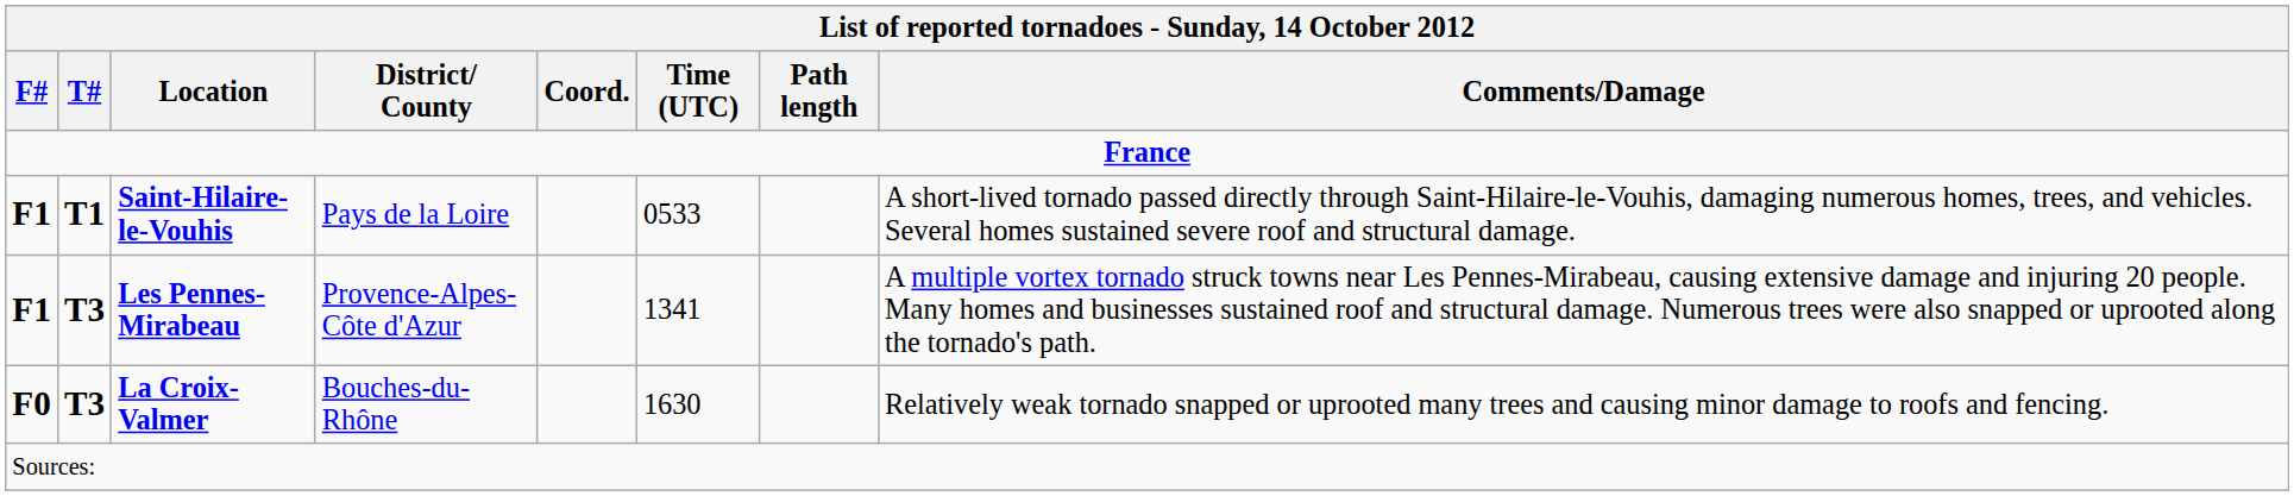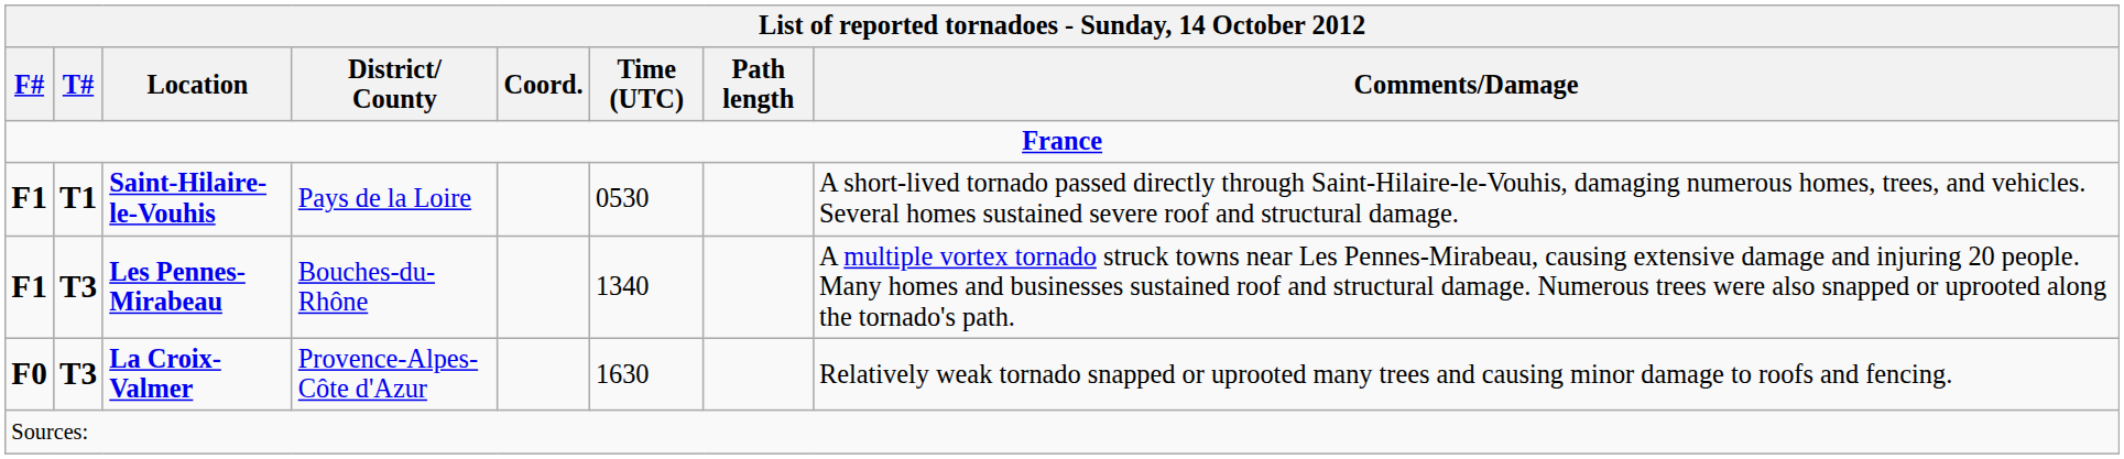 <table class="wikitable collapsible" width="100%">
 <tr>
 <th colspan="8">List of reported tornadoes - Sunday, 14 October 2012</th>
 </tr>
 <tr>
 <th><a href='#'>F#</a></th>
 <th><a href='#'>T#</a></th>
 <th>Location</th>
 <th>District/<br>County</th>
 <th>Coord.</th>
 <th>Time (UTC)</th>
 <th>Path length</th>
 <th>Comments/Damage</th>
 </tr>
 <tr>
 <td colspan="8" align=center><strong><a href='#'>France</a></strong></td>
 </tr>
 <tr>
 <td><big><strong>F1</strong></big></td>
 <td><big><strong>T1</strong></big></td>
 <td><strong><a href='#'>Saint-Hilaire-le-Vouhis</a></strong></td>
 <td><a href='#'>Pays de la Loire</a></td>
 <td></td>
-<td>0533</td>
+<td>0530</td>
 <td></td>
 <td>A short-lived tornado passed directly through Saint-Hilaire-le-Vouhis, damaging numerous homes, trees, and vehicles. Several homes sustained severe roof and structural damage.</td>
 </tr>
 <tr>
 <td><big><strong>F1</strong></big></td>
 <td><big><strong>T3</strong></big></td>
 <td><strong><a href='#'>Les Pennes-Mirabeau</a></strong></td>
-<td><a href='#'>Provence-Alpes-Côte d'Azur</a></td>
+<td><a href='#'>Bouches-du-Rhône</a></td>
 <td></td>
-<td>1341</td>
+<td>1340</td>
 <td></td>
 <td>A <a href='#'>multiple vortex tornado</a> struck towns near Les Pennes-Mirabeau, causing extensive damage and injuring 20 people. Many homes and businesses sustained roof and structural damage. Numerous trees were also snapped or uprooted along the tornado's path.</td>
 </tr>
 <tr>
 <td><big><strong>F0</strong></big></td>
 <td><big><strong>T3</strong></big></td>
 <td><strong><a href='#'>La Croix-Valmer</a></strong></td>
-<td><a href='#'>Bouches-du-Rhône</a></td>
+<td><a href='#'>Provence-Alpes-Côte d'Azur</a></td>
 <td></td>
 <td>1630</td>
 <td></td>
 <td>Relatively weak tornado snapped or uprooted many trees and causing minor damage to roofs and fencing.</td>
 </tr>
 <tr>
 <td colspan="8"><small>Sources:  </small></td>
 </tr>
 </table>
